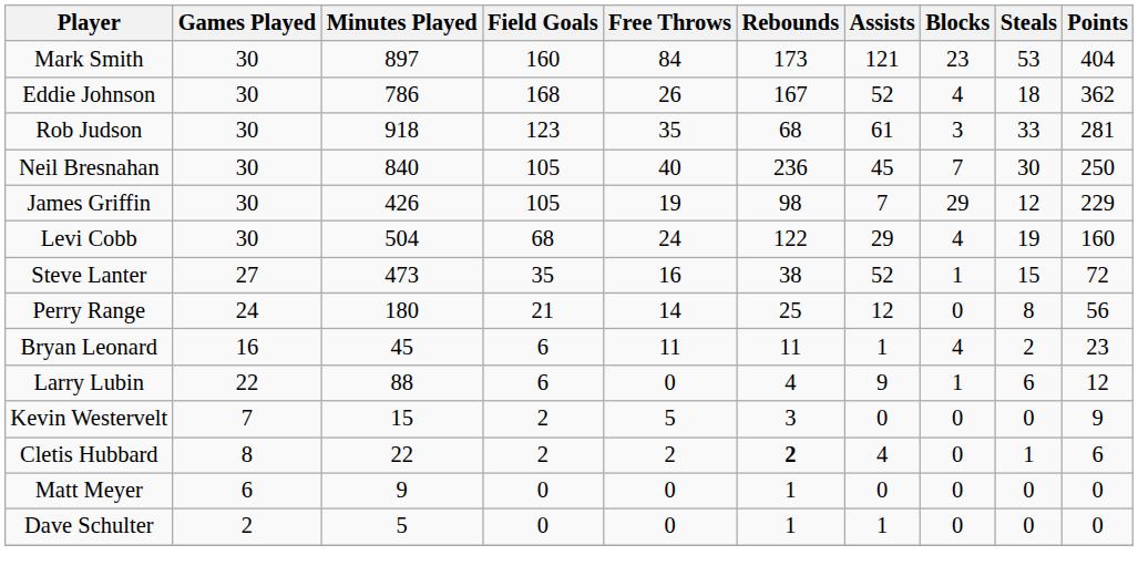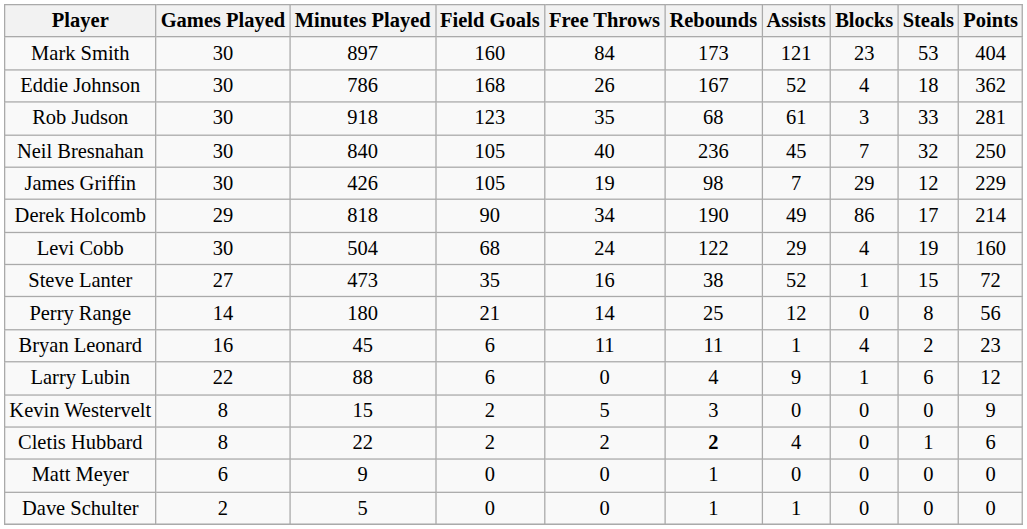 <table class="wikitable sortable">
 <tr>
 <th>Player</th>
 <th>Games Played</th>
 <th>Minutes Played</th>
 <th>Field Goals</th>
 <th>Free Throws</th>
 <th>Rebounds</th>
 <th>Assists</th>
 <th>Blocks</th>
 <th>Steals</th>
 <th>Points</th>
 </tr>
 <tr align="center" bgcolor="">
 <td>Mark Smith</td>
 <td>30</td>
 <td>897</td>
 <td>160</td>
 <td>84</td>
 <td>173</td>
 <td>121</td>
 <td>23</td>
 <td>53</td>
 <td>404</td>
 </tr>
 <tr align="center" bgcolor="">
 <td>Eddie Johnson</td>
 <td>30</td>
 <td>786</td>
 <td>168</td>
 <td>26</td>
 <td>167</td>
 <td>52</td>
 <td>4</td>
 <td>18</td>
 <td>362</td>
 </tr>
 <tr align="center" bgcolor="">
 <td>Rob Judson</td>
 <td>30</td>
 <td>918</td>
 <td>123</td>
 <td>35</td>
 <td>68</td>
 <td>61</td>
 <td>3</td>
 <td>33</td>
 <td>281</td>
 </tr>
 <tr align="center" bgcolor="">
 <td>Neil Bresnahan</td>
 <td>30</td>
 <td>840</td>
 <td>105</td>
 <td>40</td>
 <td>236</td>
 <td>45</td>
 <td>7</td>
-<td>30</td>
+<td>32</td>
 <td>250</td>
 </tr>
 <tr align="center" bgcolor="">
 <td>James Griffin</td>
 <td>30</td>
 <td>426</td>
 <td>105</td>
 <td>19</td>
 <td>98</td>
 <td>7</td>
 <td>29</td>
 <td>12</td>
 <td>229</td>
+</tr>
+<tr align="center" bgcolor="">
+<td>Derek Holcomb</td>
+<td>29</td>
+<td>818</td>
+<td>90</td>
+<td>34</td>
+<td>190</td>
+<td>49</td>
+<td>86</td>
+<td>17</td>
+<td>214</td>
 </tr>
 <tr align="center" bgcolor="">
 <td>Levi Cobb</td>
 <td>30</td>
 <td>504</td>
 <td>68</td>
 <td>24</td>
 <td>122</td>
 <td>29</td>
 <td>4</td>
 <td>19</td>
 <td>160</td>
 </tr>
 <tr align="center" bgcolor="">
 <td>Steve Lanter</td>
 <td>27</td>
 <td>473</td>
 <td>35</td>
 <td>16</td>
 <td>38</td>
 <td>52</td>
 <td>1</td>
 <td>15</td>
 <td>72</td>
 </tr>
 <tr align="center" bgcolor="">
 <td>Perry Range</td>
-<td>24</td>
+<td>14</td>
 <td>180</td>
 <td>21</td>
 <td>14</td>
 <td>25</td>
 <td>12</td>
 <td>0</td>
 <td>8</td>
 <td>56</td>
 </tr>
 <tr align="center" bgcolor="">
 <td>Bryan Leonard</td>
 <td>16</td>
 <td>45</td>
 <td>6</td>
 <td>11</td>
 <td>11</td>
 <td>1</td>
 <td>4</td>
 <td>2</td>
 <td>23</td>
 </tr>
 <tr align="center" bgcolor="">
 <td>Larry Lubin</td>
 <td>22</td>
 <td>88</td>
 <td>6</td>
 <td>0</td>
 <td>4</td>
 <td>9</td>
 <td>1</td>
 <td>6</td>
 <td>12</td>
 </tr>
 <tr align="center" bgcolor="">
 <td>Kevin Westervelt</td>
-<td>7</td>
+<td>8</td>
 <td>15</td>
 <td>2</td>
 <td>5</td>
 <td>3</td>
 <td>0</td>
 <td>0</td>
 <td>0</td>
 <td>9</td>
 </tr>
 <tr align="center" bgcolor="">
 <td>Cletis Hubbard</td>
 <td>8</td>
 <td>22</td>
 <td>2</td>
 <td>2</td>
 <td><strong>2</strong></td>
 <td>4</td>
 <td>0</td>
 <td>1</td>
 <td>6</td>
 </tr>
 <tr align="center" bgcolor="">
 <td>Matt Meyer</td>
 <td>6</td>
 <td>9</td>
 <td>0</td>
 <td>0</td>
 <td>1</td>
 <td>0</td>
 <td>0</td>
 <td>0</td>
 <td>0</td>
 </tr>
 <tr align="center" bgcolor="">
 <td>Dave Schulter</td>
 <td>2</td>
 <td>5</td>
 <td>0</td>
 <td>0</td>
 <td>1</td>
 <td>1</td>
 <td>0</td>
 <td>0</td>
 <td>0</td>
 </tr>
 <tr align="center" bgcolor="">
 </tr>
 </table>
